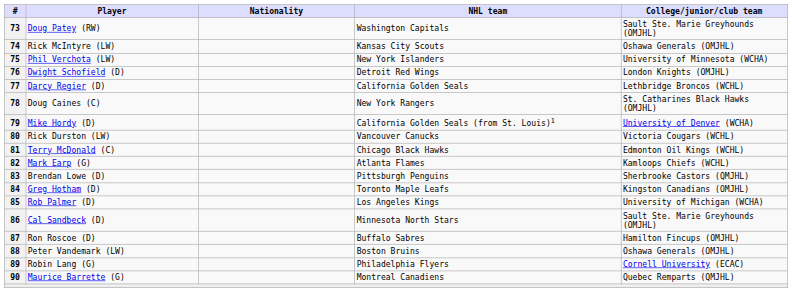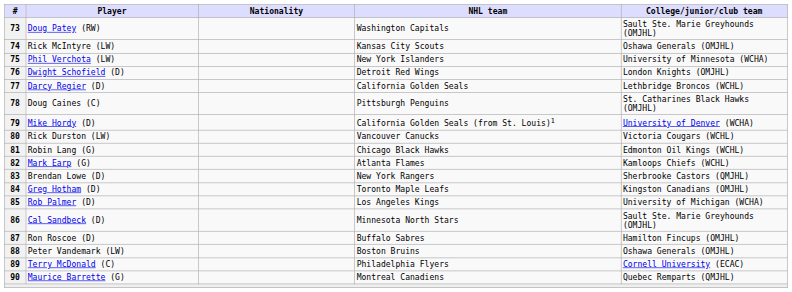 <table class="wikitable" style="width: 100%">
 <tr>
 <th style="background:#ddf; width:2.75%;">#</th>
 <th style="background:#ddf; width:22.0%;">Player</th>
 <th style="background:#ddf; width:20.0%;">Nationality</th>
 <th style="background:#ddf; width:34.0%;">NHL team</th>
 <th style="background:#ddf; width:100.0%;">College/junior/club team</th>
 </tr>
 <tr>
 <th>73</th>
 <td><a href='#'>Doug Patey</a> (RW)</td>
 <td></td>
 <td>Washington Capitals</td>
 <td>Sault Ste. Marie Greyhounds (OMJHL)</td>
 </tr>
 <tr>
 <th>74</th>
 <td>Rick McIntyre (LW)</td>
 <td></td>
 <td>Kansas City Scouts</td>
 <td>Oshawa Generals (OMJHL)</td>
 </tr>
 <tr>
 <th>75</th>
 <td><a href='#'>Phil Verchota</a> (LW)</td>
 <td></td>
 <td>New York Islanders</td>
 <td>University of Minnesota (WCHA)</td>
 </tr>
 <tr>
 <th>76</th>
 <td><a href='#'>Dwight Schofield</a> (D)</td>
 <td></td>
 <td>Detroit Red Wings</td>
 <td>London Knights (OMJHL)</td>
 </tr>
 <tr>
 <th>77</th>
 <td><a href='#'>Darcy Regier</a> (D)</td>
 <td></td>
 <td>California Golden Seals</td>
 <td>Lethbridge Broncos (WCHL)</td>
 </tr>
 <tr>
 <th>78</th>
 <td>Doug Caines (C)</td>
 <td></td>
-<td>New York Rangers</td>
+<td>Pittsburgh Penguins</td>
 <td>St. Catharines Black Hawks (OMJHL)</td>
 </tr>
 <tr>
 <th>79</th>
 <td><a href='#'>Mike Hordy</a> (D)</td>
 <td></td>
 <td>California Golden Seals (from St. Louis)<sup>1</sup></td>
 <td><a href='#'>University of Denver</a> (WCHA)</td>
 </tr>
 <tr>
 <th>80</th>
 <td>Rick Durston (LW)</td>
 <td></td>
 <td>Vancouver Canucks</td>
 <td>Victoria Cougars (WCHL)</td>
 </tr>
 <tr>
 <th>81</th>
-<td><a href='#'>Terry McDonald</a> (C)</td>
+<td>Robin Lang (G)</td>
 <td></td>
 <td>Chicago Black Hawks</td>
 <td>Edmonton Oil Kings (WCHL)</td>
 </tr>
 <tr>
 <th>82</th>
 <td><a href='#'>Mark Earp</a> (G)</td>
 <td></td>
 <td>Atlanta Flames</td>
 <td>Kamloops Chiefs (WCHL)</td>
 </tr>
 <tr>
 <th>83</th>
 <td>Brendan Lowe (D)</td>
 <td></td>
-<td>Pittsburgh Penguins</td>
+<td>New York Rangers</td>
 <td>Sherbrooke Castors (QMJHL)</td>
 </tr>
 <tr>
 <th>84</th>
 <td><a href='#'>Greg Hotham</a> (D)</td>
 <td></td>
 <td>Toronto Maple Leafs</td>
 <td>Kingston Canadians (OMJHL)</td>
 </tr>
 <tr>
 <th>85</th>
 <td><a href='#'>Rob Palmer</a> (D)</td>
 <td></td>
 <td>Los Angeles Kings</td>
 <td>University of Michigan (WCHA)</td>
 </tr>
 <tr>
 <th>86</th>
 <td><a href='#'>Cal Sandbeck</a> (D)</td>
 <td></td>
 <td>Minnesota North Stars</td>
 <td>Sault Ste. Marie Greyhounds (OMJHL)</td>
 </tr>
 <tr>
 <th>87</th>
 <td>Ron Roscoe (D)</td>
 <td></td>
 <td>Buffalo Sabres</td>
 <td>Hamilton Fincups (OMJHL)</td>
 </tr>
 <tr>
 <th>88</th>
 <td>Peter Vandemark (LW)</td>
 <td></td>
 <td>Boston Bruins</td>
 <td>Oshawa Generals (OMJHL)</td>
 </tr>
 <tr>
 <th>89</th>
-<td>Robin Lang (G)</td>
+<td><a href='#'>Terry McDonald</a> (C)</td>
 <td></td>
 <td>Philadelphia Flyers</td>
 <td><a href='#'>Cornell University</a> (ECAC)</td>
 </tr>
 <tr>
 <th>90</th>
 <td><a href='#'>Maurice Barrette</a> (G)</td>
 <td></td>
 <td>Montreal Canadiens</td>
 <td>Quebec Remparts (QMJHL)</td>
 </tr>
 <tr>
 <td align=center colspan="6" bgcolor="#efefef"></td>
 </tr>
 </table>
